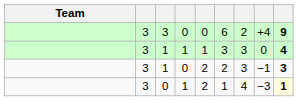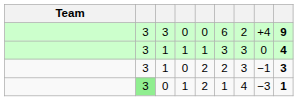 <table class="wikitable" style="text-align: center;">
 <tr>
 <th width="175">Team</th>
 <th width="20"></th>
 <th width="20"></th>
 <th width="20"></th>
 <th width="20"></th>
 <th width="20"></th>
 <th width="20"></th>
 <th width="20"></th>
 <th width="20"></th>
 </tr>
 <tr bgcolor=#ccffcc>
 <td align=left></td>
 <td>3</td>
 <td>3</td>
 <td>0</td>
 <td>0</td>
 <td>6</td>
 <td>2</td>
 <td>+4</td>
 <td><strong>9</strong></td>
 </tr>
 <tr bgcolor=#ccffcc>
 <td align=left></td>
 <td>3</td>
 <td>1</td>
 <td>1</td>
 <td>1</td>
 <td>3</td>
 <td>3</td>
 <td>0</td>
 <td><strong>4</strong></td>
 </tr>
 <tr>
 <td align=left></td>
 <td>3</td>
 <td>1</td>
 <td>0</td>
 <td>2</td>
 <td>2</td>
 <td>3</td>
 <td>−1</td>
 <td><strong>3</strong></td>
 </tr>
 <tr>
 <td align=left></td>
-<td>3</td>
+<td style="background: lightgreen;">3</td>
 <td>0</td>
 <td>1</td>
 <td>2</td>
 <td>1</td>
 <td>4</td>
 <td>−3</td>
-<td style="background: lightyellow;"><strong>1</strong></td>
+<td><strong>1</strong></td>
 </tr>
 </table>
